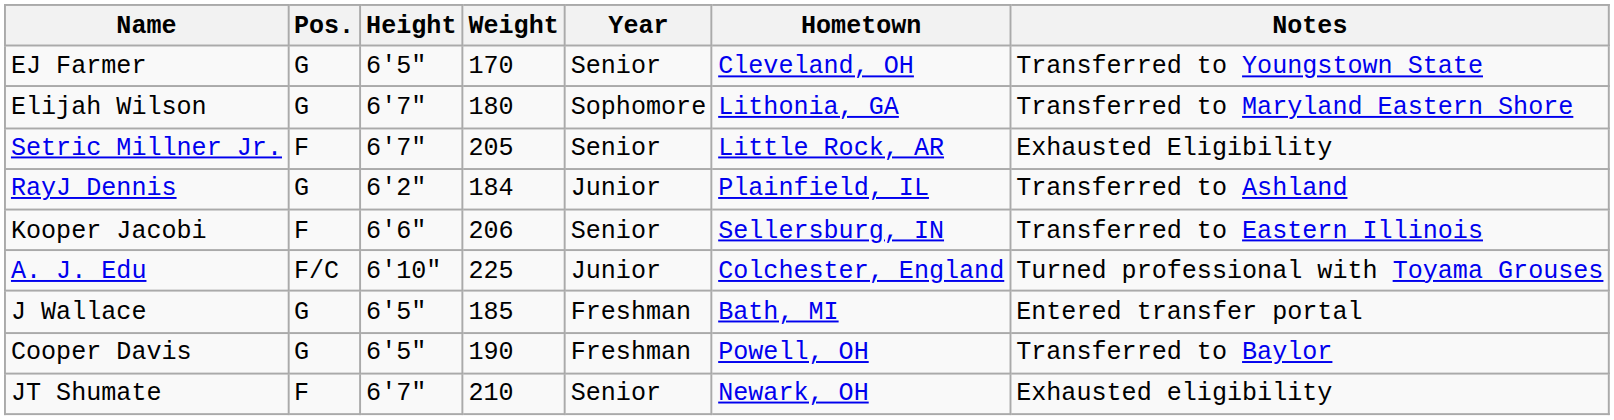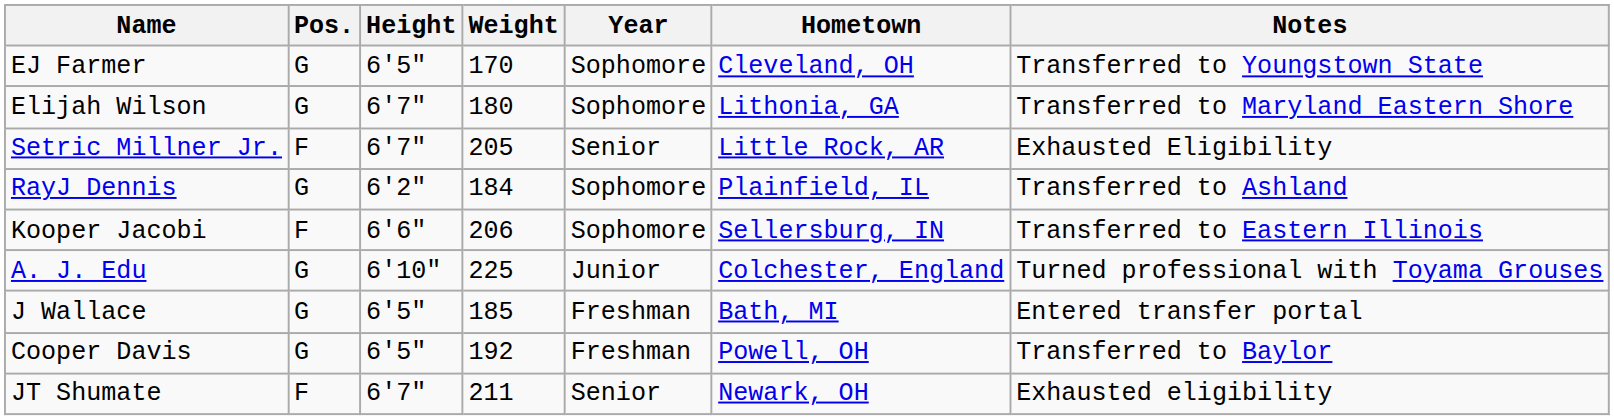 <table class="wikitable sortable" border="1">
 <tr align=center>
 <th>Name</th>
 <th>Pos.</th>
 <th>Height</th>
 <th>Weight</th>
 <th>Year</th>
 <th>Hometown</th>
 <th>Notes</th>
 </tr>
 <tr>
 <td>EJ Farmer</td>
 <td>G</td>
 <td>6'5"</td>
 <td>170</td>
-<td>Senior</td>
+<td>Sophomore</td>
 <td><a href='#'>Cleveland, OH</a></td>
 <td>Transferred to <a href='#'>Youngstown State</a></td>
 </tr>
 <tr>
 <td>Elijah Wilson</td>
 <td>G</td>
 <td>6'7"</td>
 <td>180</td>
 <td>Sophomore</td>
 <td><a href='#'>Lithonia, GA</a></td>
 <td>Transferred to <a href='#'>Maryland Eastern Shore</a></td>
 </tr>
 <tr>
 <td><a href='#'>Setric Millner Jr.</a></td>
 <td>F</td>
 <td>6'7"</td>
 <td>205</td>
 <td>Senior</td>
 <td><a href='#'>Little Rock, AR</a></td>
 <td>Exhausted Eligibility</td>
 </tr>
 <tr>
 <td><a href='#'>RayJ Dennis</a></td>
 <td>G</td>
 <td>6'2"</td>
 <td>184</td>
-<td>Junior</td>
+<td>Sophomore</td>
 <td><a href='#'>Plainfield, IL</a></td>
 <td>Transferred to <a href='#'>Ashland</a></td>
 </tr>
 <tr>
 <td>Kooper Jacobi</td>
 <td>F</td>
 <td>6'6"</td>
 <td>206</td>
-<td>Senior</td>
+<td>Sophomore</td>
 <td><a href='#'>Sellersburg, IN</a></td>
 <td>Transferred to <a href='#'>Eastern Illinois</a></td>
 </tr>
 <tr>
 <td><a href='#'>A. J. Edu</a></td>
-<td>F/C</td>
+<td>G</td>
 <td>6'10"</td>
 <td>225</td>
 <td>Junior</td>
 <td><a href='#'>Colchester, England</a></td>
 <td>Turned professional with <a href='#'>Toyama Grouses</a></td>
 </tr>
 <tr>
 <td>J Wallace</td>
 <td>G</td>
 <td>6'5"</td>
 <td>185</td>
 <td>Freshman</td>
 <td><a href='#'>Bath, MI</a></td>
 <td>Entered transfer portal</td>
 </tr>
 <tr>
 <td>Cooper Davis</td>
 <td>G</td>
 <td>6'5"</td>
-<td>190</td>
+<td>192</td>
 <td>Freshman</td>
 <td><a href='#'>Powell, OH</a></td>
 <td>Transferred to <a href='#'>Baylor</a></td>
 </tr>
 <tr>
 <td>JT Shumate</td>
 <td>F</td>
 <td>6'7"</td>
-<td>210</td>
+<td>211</td>
 <td>Senior</td>
 <td><a href='#'>Newark, OH</a></td>
 <td>Exhausted eligibility</td>
 </tr>
 </table>
